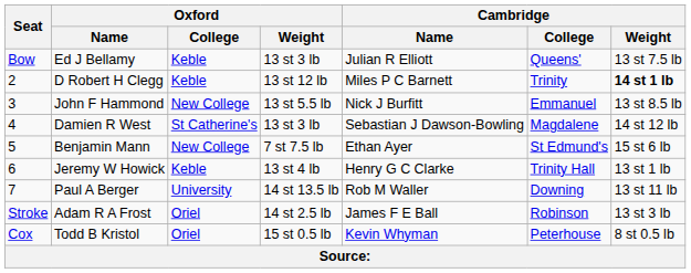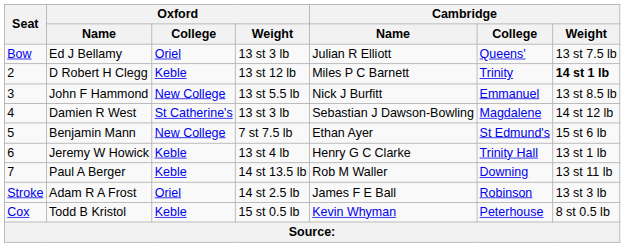 <table class="wikitable">
 <tr>
 <th rowspan="2" scope="col">Seat</th>
 <th colspan="3" scope="col">Oxford <br> </th>
 <th colspan="3" scope="col">Cambridge <br> </th>
 </tr>
 <tr>
 <th>Name</th>
 <th>College</th>
 <th>Weight</th>
 <th>Name</th>
 <th>College</th>
 <th>Weight</th>
 </tr>
 <tr>
 <td><a href='#'>Bow</a></td>
 <td>Ed J Bellamy</td>
-<td><a href='#'>Keble</a></td>
+<td><a href='#'>Oriel</a></td>
 <td>13 st 3 lb</td>
 <td>Julian R Elliott</td>
 <td><a href='#'>Queens'</a></td>
 <td>13 st 7.5 lb</td>
 </tr>
 <tr>
 <td>2</td>
 <td>D Robert H Clegg</td>
 <td><a href='#'>Keble</a></td>
 <td>13 st 12 lb</td>
 <td>Miles P C Barnett</td>
 <td><a href='#'>Trinity</a></td>
 <td><strong>14 st 1 lb</strong></td>
 </tr>
 <tr>
 <td>3</td>
 <td>John F Hammond</td>
 <td><a href='#'>New College</a></td>
 <td>13 st 5.5 lb</td>
 <td>Nick J Burfitt</td>
 <td><a href='#'>Emmanuel</a></td>
 <td>13 st 8.5 lb</td>
 </tr>
 <tr>
 <td>4</td>
 <td>Damien R West</td>
 <td><a href='#'>St Catherine's</a></td>
 <td>13 st 3 lb</td>
 <td>Sebastian J Dawson-Bowling</td>
 <td><a href='#'>Magdalene</a></td>
 <td>14 st 12 lb</td>
 </tr>
 <tr>
 <td>5</td>
 <td>Benjamin Mann</td>
 <td><a href='#'>New College</a></td>
 <td>7 st 7.5 lb</td>
 <td>Ethan Ayer</td>
 <td><a href='#'>St Edmund's</a></td>
 <td>15 st 6 lb</td>
 </tr>
 <tr>
 <td>6</td>
 <td>Jeremy W Howick</td>
 <td><a href='#'>Keble</a></td>
 <td>13 st 4 lb</td>
 <td>Henry G C Clarke</td>
 <td><a href='#'>Trinity Hall</a></td>
 <td>13 st 1 lb</td>
 </tr>
 <tr>
 <td>7</td>
 <td>Paul A Berger</td>
-<td><a href='#'>University</a></td>
+<td><a href='#'>Keble</a></td>
 <td>14 st 13.5 lb</td>
 <td>Rob M Waller</td>
 <td><a href='#'>Downing</a></td>
 <td>13 st 11 lb</td>
 </tr>
 <tr>
 <td><a href='#'>Stroke</a></td>
 <td>Adam R A Frost</td>
 <td><a href='#'>Oriel</a></td>
 <td>14 st 2.5 lb</td>
 <td>James F E Ball</td>
 <td><a href='#'>Robinson</a></td>
 <td>13 st 3 lb</td>
 </tr>
 <tr>
 <td><a href='#'>Cox</a></td>
 <td>Todd B Kristol</td>
-<td><a href='#'>Oriel</a></td>
+<td><a href='#'>Keble</a></td>
 <td>15 st 0.5 lb</td>
 <td><a href='#'>Kevin Whyman</a></td>
 <td><a href='#'>Peterhouse</a></td>
 <td>8 st 0.5 lb</td>
 </tr>
 <tr>
 <th colspan="7">Source:</th>
 </tr>
 </table>
